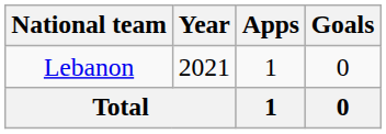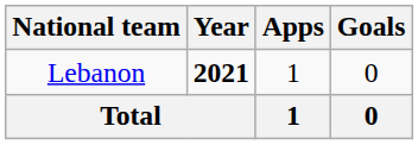 <table class="wikitable" style="text-align:center">
 <tr>
 <th>National team</th>
 <th>Year</th>
 <th>Apps</th>
 <th>Goals</th>
 </tr>
 <tr>
 <td rowspan="1"><a href='#'>Lebanon</a></td>
-<td>2021</td>
+<td><strong>2021</strong></td>
 <td>1</td>
 <td>0</td>
 </tr>
 <tr>
 <th colspan="2">Total</th>
 <th>1</th>
 <th>0</th>
 </tr>
 </table>
